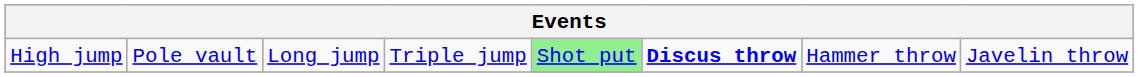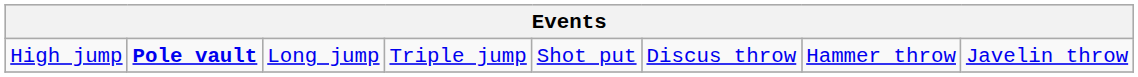 <table class="wikitable" style="margin: 1em auto 1em auto">
 <tr>
 <th colspan=11>Events</th>
 </tr>
 <tr>
 <td><a href='#'>High jump</a></td>
-<td><a href='#'>Pole vault</a></td>
+<td><strong><a href='#'>Pole vault</a></strong></td>
 <td><a href='#'>Long jump</a></td>
 <td><a href='#'>Triple jump</a></td>
-<td style="background: lightgreen;"><a href='#'>Shot put</a></td>
-<td><strong><a href='#'>Discus throw</a></strong></td>
+<td><a href='#'>Shot put</a></td>
+<td><a href='#'>Discus throw</a></td>
 <td><a href='#'>Hammer throw</a></td>
 <td><a href='#'>Javelin throw</a></td>
 </tr>
 </table>
